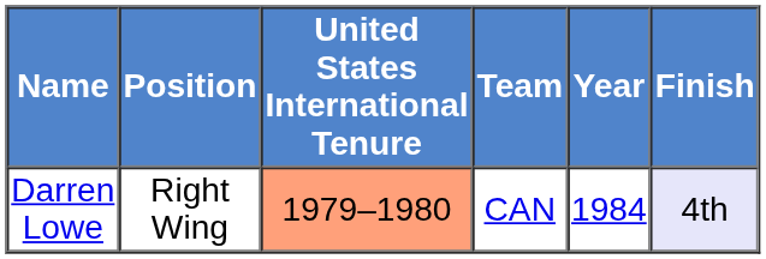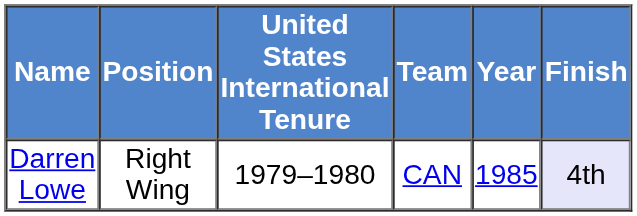 <table cellpadding="1" border="1" cellspacing="0" width="50%">
 <tr>
 <th style="color:white; background:#5084CB; ">Name</th>
 <th style="color:white; background:#5084CB; ">Position</th>
 <th style="color:white; background:#5084CB; ">United States International Tenure</th>
 <th style="color:white; background:#5084CB; ">Team</th>
 <th style="color:white; background:#5084CB; ">Year</th>
 <th style="color:white; background:#5084CB; ">Finish</th>
 </tr>
 <tr align="center">
 <td><a href='#'>Darren Lowe</a></td>
 <td>Right Wing</td>
-<td style="background: lightsalmon;">1979–1980</td>
+<td>1979–1980</td>
 <td> <a href='#'>CAN</a></td>
-<td><a href='#'>1984</a></td>
+<td><a href='#'>1985</a></td>
 <td style="background: lavender;">4th</td>
 </tr>
 <tr align="center">
 </tr>
 </table>
